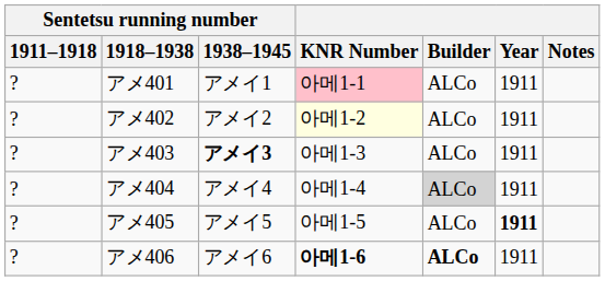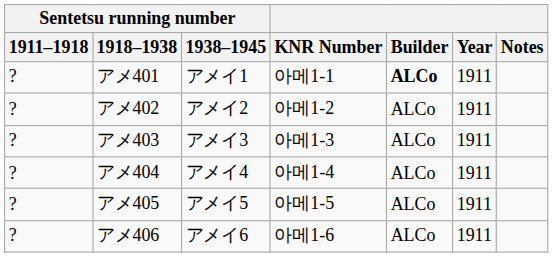 <table class="wikitable">
 <tr>
 <th colspan="3">Sentetsu running number</th>
 <th colspan="4"></th>
 </tr>
 <tr>
 <th>1911–1918</th>
 <th>1918–1938</th>
 <th>1938–1945</th>
 <th>KNR Number</th>
 <th>Builder</th>
 <th>Year</th>
 <th>Notes</th>
 </tr>
 <tr>
 <td>?</td>
 <td>アメ401</td>
 <td>アメイ1</td>
-<td style="background: pink;">아메1-1</td>
-<td>ALCo</td>
+<td>아메1-1</td>
+<td><strong>ALCo</strong></td>
 <td>1911</td>
 <td></td>
 </tr>
 <tr>
 <td>?</td>
 <td>アメ402</td>
 <td>アメイ2</td>
-<td style="background: lightyellow;">아메1-2</td>
+<td>아메1-2</td>
 <td>ALCo</td>
 <td>1911</td>
 <td></td>
 </tr>
 <tr>
 <td>?</td>
 <td>アメ403</td>
-<td><strong>アメイ3</strong></td>
+<td>アメイ3</td>
 <td>아메1-3</td>
 <td>ALCo</td>
 <td>1911</td>
 <td></td>
 </tr>
 <tr>
 <td>?</td>
 <td>アメ404</td>
 <td>アメイ4</td>
 <td>아메1-4</td>
-<td style="background: lightgrey;">ALCo</td>
+<td>ALCo</td>
 <td>1911</td>
 <td></td>
 </tr>
 <tr>
 <td>?</td>
 <td>アメ405</td>
 <td>アメイ5</td>
 <td>아메1-5</td>
 <td>ALCo</td>
-<td><strong>1911</strong></td>
+<td>1911</td>
 <td></td>
 </tr>
 <tr>
 <td>?</td>
 <td>アメ406</td>
 <td>アメイ6</td>
-<td><strong>아메1-6</strong></td>
-<td><strong>ALCo</strong></td>
+<td>아메1-6</td>
+<td>ALCo</td>
 <td>1911</td>
 <td></td>
 </tr>
 </table>
